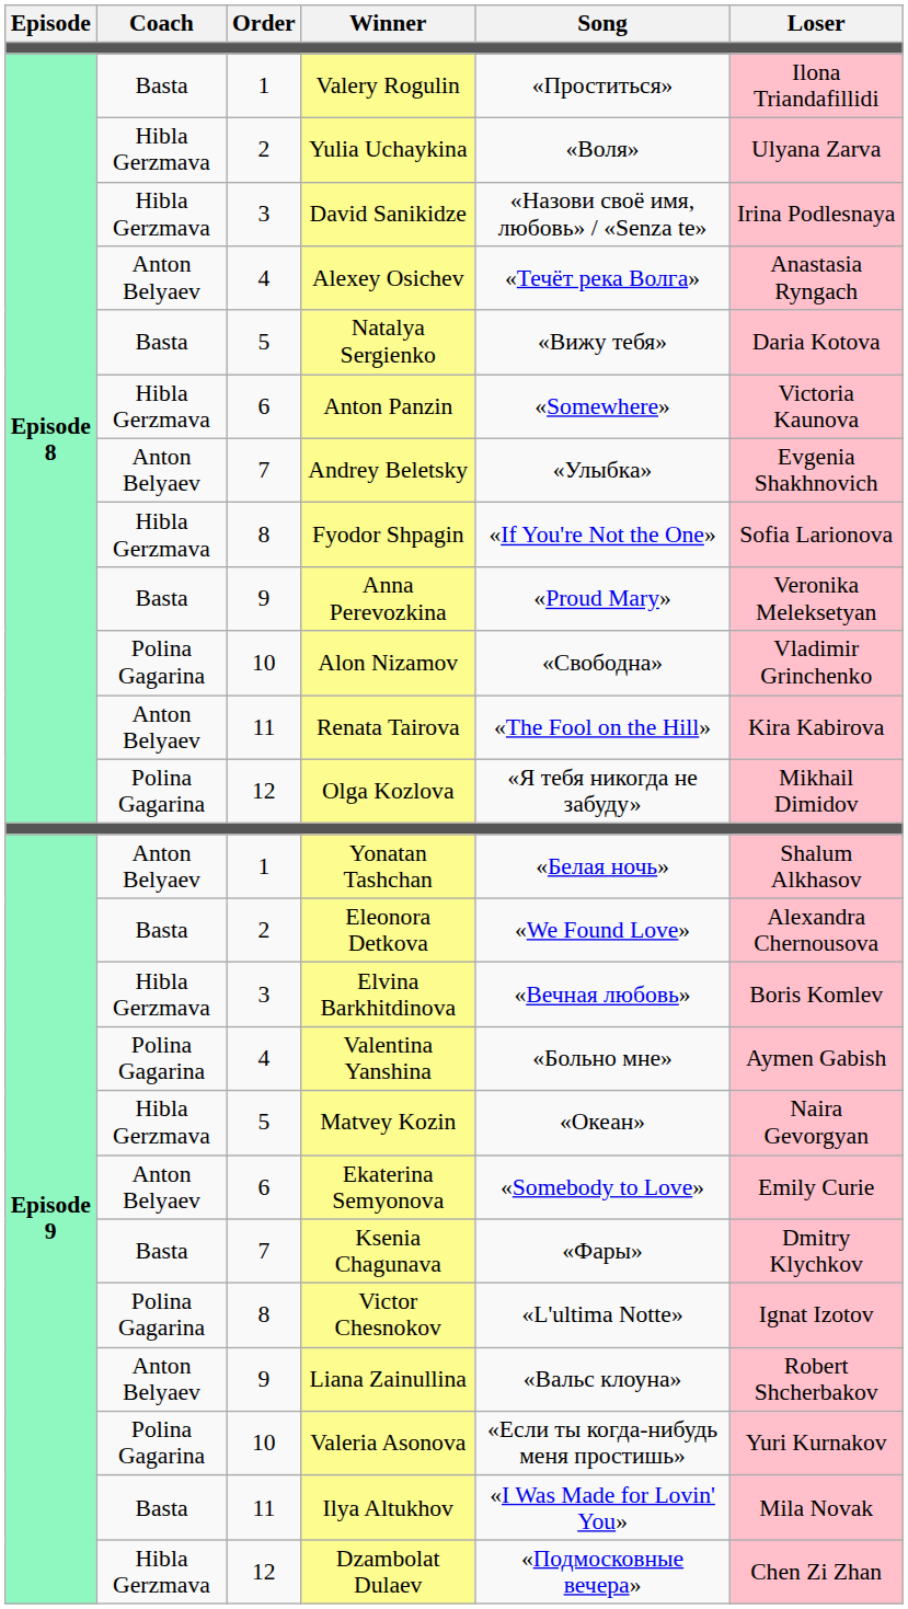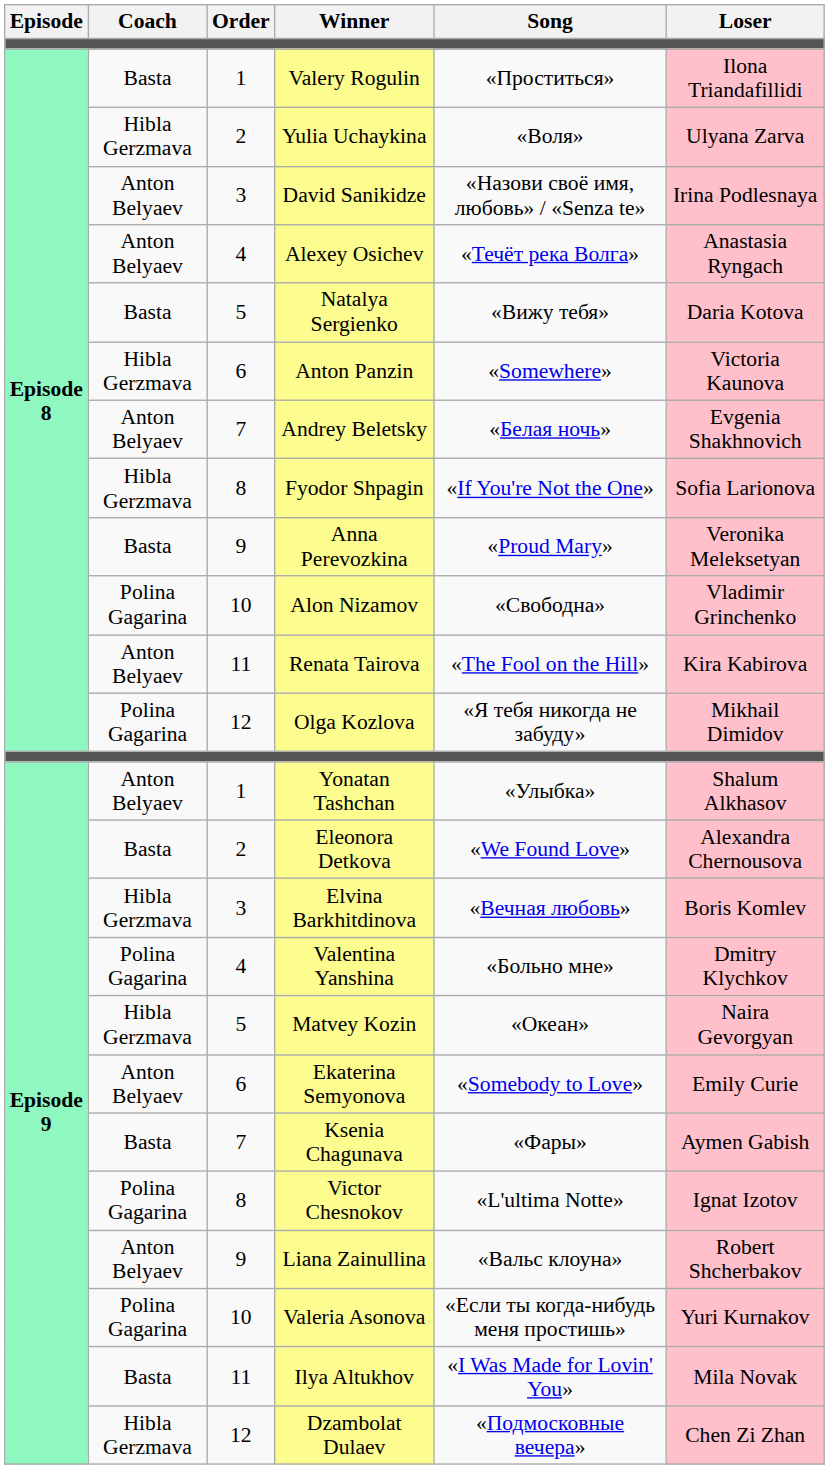 <table class="wikitable" style="text-align:center;">
 <tr>
 <th style="width:10%;">Episode</th>
 <th style="width:15%;">Coach</th>
 <th style="width:05%;">Order</th>
 <th style="width:20%;">Winner</th>
 <th style="width:30%;">Song</th>
 <th style="width:20%;">Loser</th>
 </tr>
 <tr>
 <td colspan="6" style="background:#555;"></td>
 </tr>
 <tr>
 <th rowspan=12 style="background:#8ff7c0;">Episode 8 <br><small>  </small></th>
 <td>Basta</td>
 <td>1</td>
 <td style="background:#fdfc8f;">Valery Rogulin</td>
 <td>«Проститься»</td>
 <td style="background:pink;">Ilona Triandafillidi</td>
 </tr>
 <tr>
 <td>Hibla Gerzmava</td>
 <td>2</td>
 <td style="background:#fdfc8f;">Yulia Uchaykina</td>
 <td>«Воля»</td>
 <td style="background:pink;">Ulyana Zarva</td>
 </tr>
 <tr>
-<td>Hibla Gerzmava</td>
+<td>Anton Belyaev</td>
 <td>3</td>
 <td style="background:#fdfc8f;">David Sanikidze</td>
 <td>«Назови своё имя, любовь» / «Senza te»</td>
 <td style="background:pink;">Irina Podlesnaya</td>
 </tr>
 <tr>
 <td>Anton Belyaev</td>
 <td>4</td>
 <td style="background:#fdfc8f;">Alexey Osichev</td>
 <td>«<a href='#'>Течёт река Волга</a>»</td>
 <td style="background:pink;">Anastasia Ryngach</td>
 </tr>
 <tr>
 <td>Basta</td>
 <td>5</td>
 <td style="background:#fdfc8f;">Natalya Sergienko</td>
 <td>«Вижу тебя»</td>
 <td style="background:pink;">Daria Kotova</td>
 </tr>
 <tr>
 <td>Hibla Gerzmava</td>
 <td>6</td>
 <td style="background:#fdfc8f;">Anton Panzin</td>
 <td>«<a href='#'>Somewhere</a>»</td>
 <td style="background:pink;">Victoria Kaunova</td>
 </tr>
 <tr>
 <td>Anton Belyaev</td>
 <td>7</td>
 <td style="background:#fdfc8f;">Andrey Beletsky</td>
-<td>«Улыбка»</td>
+<td>«<a href='#'>Белая ночь</a>»</td>
 <td style="background:pink;">Evgenia Shakhnovich</td>
 </tr>
 <tr>
 <td>Hibla Gerzmava</td>
 <td>8</td>
 <td style="background:#fdfc8f;">Fyodor Shpagin</td>
 <td>«<a href='#'>If You're Not the One</a>»</td>
 <td style="background:pink;">Sofia Larionova</td>
 </tr>
 <tr>
 <td>Basta</td>
 <td>9</td>
 <td style="background:#fdfc8f;">Anna Perevozkina</td>
 <td>«<a href='#'>Proud Mary</a>»</td>
 <td style="background:pink;">Veronika Meleksetyan</td>
 </tr>
 <tr>
 <td>Polina Gagarina</td>
 <td>10</td>
 <td style="background:#fdfc8f;">Alon Nizamov</td>
 <td>«Свободна»</td>
 <td style="background:pink;">Vladimir Grinchenko</td>
 </tr>
 <tr>
 <td>Anton Belyaev</td>
 <td>11</td>
 <td style="background:#fdfc8f;">Renata Tairova</td>
 <td>«<a href='#'>The Fool on the Hill</a>»</td>
 <td style="background:pink;">Kira Kabirova</td>
 </tr>
 <tr>
 <td>Polina Gagarina</td>
 <td>12</td>
 <td style="background:#fdfc8f;">Olga Kozlova</td>
 <td>«Я тебя никогда не забуду»</td>
 <td style="background:pink;">Mikhail Dimidov</td>
 </tr>
 <tr>
 <td colspan="6" style="background:#555;"></td>
 </tr>
 <tr>
 <th rowspan=12 style="background:#8ff7c0;">Episode 9 <br><small>  </small></th>
 <td>Anton Belyaev</td>
 <td>1</td>
 <td style="background:#fdfc8f;">Yonatan Tashchan</td>
-<td>«<a href='#'>Белая ночь</a>»</td>
+<td>«Улыбка»</td>
 <td style="background:pink;">Shalum Alkhasov</td>
 </tr>
 <tr>
 <td>Basta</td>
 <td>2</td>
 <td style="background:#fdfc8f;">Eleonora Detkova</td>
 <td>«<a href='#'>We Found Love</a>»</td>
 <td style="background:pink;">Alexandra Chernousova</td>
 </tr>
 <tr>
 <td>Hibla Gerzmava</td>
 <td>3</td>
 <td style="background:#fdfc8f;">Elvina Barkhitdinova</td>
 <td>«<a href='#'>Вечная любовь</a>»</td>
 <td style="background:pink;">Boris Komlev</td>
 </tr>
 <tr>
 <td>Polina Gagarina</td>
 <td>4</td>
 <td style="background:#fdfc8f;">Valentina Yanshina</td>
 <td>«Больно мне»</td>
-<td style="background:pink;">Aymen Gabish</td>
+<td style="background:pink;">Dmitry Klychkov</td>
 </tr>
 <tr>
 <td>Hibla Gerzmava</td>
 <td>5</td>
 <td style="background:#fdfc8f;">Matvey Kozin</td>
 <td>«Океан»</td>
 <td style="background:pink;">Naira Gevorgyan</td>
 </tr>
 <tr>
 <td>Anton Belyaev</td>
 <td>6</td>
 <td style="background:#fdfc8f;">Ekaterina Semyonova</td>
 <td>«<a href='#'>Somebody to Love</a>»</td>
 <td style="background:pink;">Emily Curie</td>
 </tr>
 <tr>
 <td>Basta</td>
 <td>7</td>
 <td style="background:#fdfc8f;">Ksenia Chagunava</td>
 <td>«Фары»</td>
-<td style="background:pink;">Dmitry Klychkov</td>
+<td style="background:pink;">Aymen Gabish</td>
 </tr>
 <tr>
 <td>Polina Gagarina</td>
 <td>8</td>
 <td style="background:#fdfc8f;">Victor Chesnokov</td>
 <td>«L'ultima Notte»</td>
 <td style="background:pink;">Ignat Izotov</td>
 </tr>
 <tr>
 <td>Anton Belyaev</td>
 <td>9</td>
 <td style="background:#fdfc8f;">Liana Zainullina</td>
 <td>«Вальс клоуна»</td>
 <td style="background:pink;">Robert Shcherbakov</td>
 </tr>
 <tr>
 <td>Polina Gagarina</td>
 <td>10</td>
 <td style="background:#fdfc8f;">Valeria Asonova</td>
 <td>«Если ты когда-нибудь меня простишь»</td>
 <td style="background:pink;">Yuri Kurnakov</td>
 </tr>
 <tr>
 <td>Basta</td>
 <td>11</td>
 <td style="background:#fdfc8f;">Ilya Altukhov</td>
 <td>«<a href='#'>I Was Made for Lovin' You</a>»</td>
 <td style="background:pink;">Mila Novak</td>
 </tr>
 <tr>
 <td>Hibla Gerzmava</td>
 <td>12</td>
 <td style="background:#fdfc8f;">Dzambolat Dulaev</td>
 <td>«<a href='#'>Подмосковные вечера</a>»</td>
 <td style="background:pink;">Chen Zi Zhan</td>
 </tr>
 </table>
